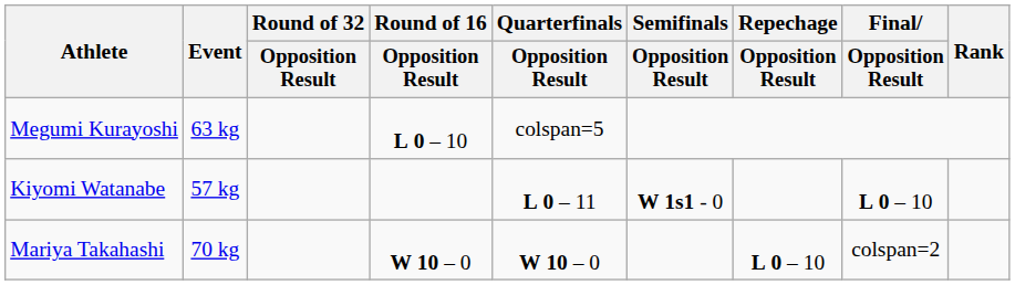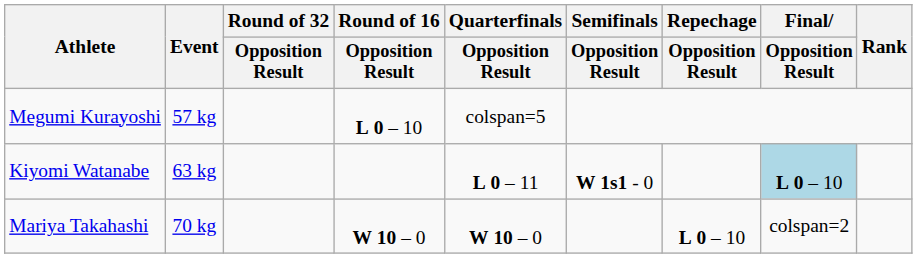 <table class=wikitable style="text-align:center; font-size:90%">
 <tr>
 <th rowspan="2">Athlete</th>
 <th rowspan="2">Event</th>
 <th>Round of 32</th>
 <th>Round of 16</th>
 <th>Quarterfinals</th>
 <th>Semifinals</th>
 <th>Repechage</th>
 <th>Final/</th>
 <th rowspan=2>Rank</th>
 </tr>
 <tr style="font-size:95%">
 <th>Opposition<br>Result</th>
 <th>Opposition<br>Result</th>
 <th>Opposition<br>Result</th>
 <th>Opposition<br>Result</th>
 <th>Opposition<br>Result</th>
 <th>Opposition<br>Result</th>
 </tr>
 <tr>
 <td align=left><a href='#'>Megumi Kurayoshi</a></td>
-<td><a href='#'>63 kg</a></td>
+<td><a href='#'>57 kg</a></td>
 <td></td>
 <td style="text-align:center;"> <br> <strong>L</strong> <strong></strong> <strong>0</strong> – 10</td>
 <td>colspan=5 </td>
 </tr>
 <tr>
 <td align=left><a href='#'>Kiyomi Watanabe</a></td>
-<td><a href='#'>57 kg</a></td>
+<td><a href='#'>63 kg</a></td>
 <td></td>
 <td></td>
 <td style="text-align:center;"> <br><strong>L</strong> <strong></strong> <strong>0</strong> – 11</td>
 <td style="text-align:center;"><br> <strong>W</strong>  <strong>1s1</strong> - 0</td>
 <td></td>
-<td style="text-align:center;"><br> <strong>L</strong> <strong></strong> <strong>0</strong> – 10</td>
+<td style="background: lightblue; text-align:center;"><br> <strong>L</strong> <strong></strong> <strong>0</strong> – 10</td>
 <td style="text-align:center;"></td>
 </tr>
 <tr>
 <td align=left><a href='#'>Mariya Takahashi</a></td>
 <td><a href='#'>70 kg</a></td>
 <td></td>
 <td style="text-align:center;"> <br><strong>W</strong> <strong></strong> <strong>10</strong> – 0</td>
 <td style="text-align:center;"><br> <strong>W</strong> <strong></strong> <strong>10</strong> – 0</td>
 <td></td>
 <td style="text-align:center;"> <br><strong>L</strong> <strong></strong> <strong>0</strong> – 10</td>
 <td>colspan=2 </td>
 </tr>
 </table>
